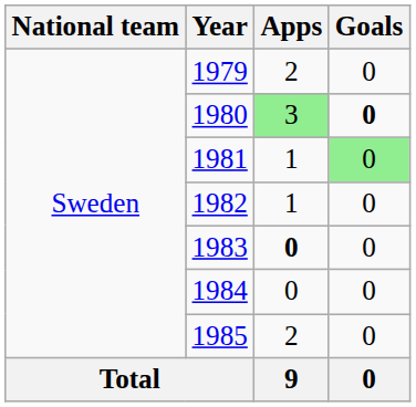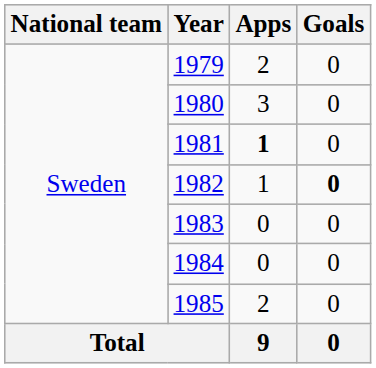 <table class="wikitable" style="text-align:center">
 <tr>
 <th>National team</th>
 <th>Year</th>
 <th>Apps</th>
 <th>Goals</th>
 </tr>
 <tr>
 <td rowspan="7"><a href='#'>Sweden</a></td>
 <td><a href='#'>1979</a></td>
 <td>2</td>
 <td>0</td>
 </tr>
 <tr>
 <td><a href='#'>1980</a></td>
-<td style="background: lightgreen;">3</td>
-<td><strong>0</strong></td>
+<td>3</td>
+<td>0</td>
 </tr>
 <tr>
 <td><a href='#'>1981</a></td>
-<td>1</td>
-<td style="background: lightgreen;">0</td>
+<td><strong>1</strong></td>
+<td>0</td>
 </tr>
 <tr>
 <td><a href='#'>1982</a></td>
 <td>1</td>
-<td>0</td>
+<td><strong>0</strong></td>
 </tr>
 <tr>
 <td><a href='#'>1983</a></td>
-<td><strong>0</strong></td>
+<td>0</td>
 <td>0</td>
 </tr>
 <tr>
 <td><a href='#'>1984</a></td>
 <td>0</td>
 <td>0</td>
 </tr>
 <tr>
 <td><a href='#'>1985</a></td>
 <td>2</td>
 <td>0</td>
 </tr>
 <tr>
 <th colspan="2">Total</th>
 <th>9</th>
 <th>0</th>
 </tr>
 </table>
